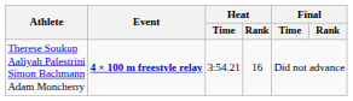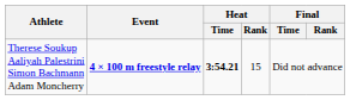 <table class=wikitable style=font-size:90%>
 <tr>
 <th rowspan=2>Athlete</th>
 <th rowspan=2>Event</th>
 <th colspan=2>Heat</th>
 <th colspan=2>Final</th>
 </tr>
 <tr style=font-size:95%>
 <th>Time</th>
 <th>Rank</th>
 <th>Time</th>
 <th>Rank</th>
 </tr>
 <tr align=center>
 <td align=left><a href='#'>Therese Soukup</a><br><a href='#'>Aaliyah Palestrini</a><br><a href='#'>Simon Bachmann</a><br>Adam Moncherry</td>
 <td align=left><strong><a href='#'>4 × 100 m freestyle relay</a></strong></td>
-<td>3:54.21</td>
-<td>16</td>
+<td><strong>3:54.21</strong></td>
+<td>15</td>
 <td colspan=2>Did not advance</td>
 </tr>
 </table>
